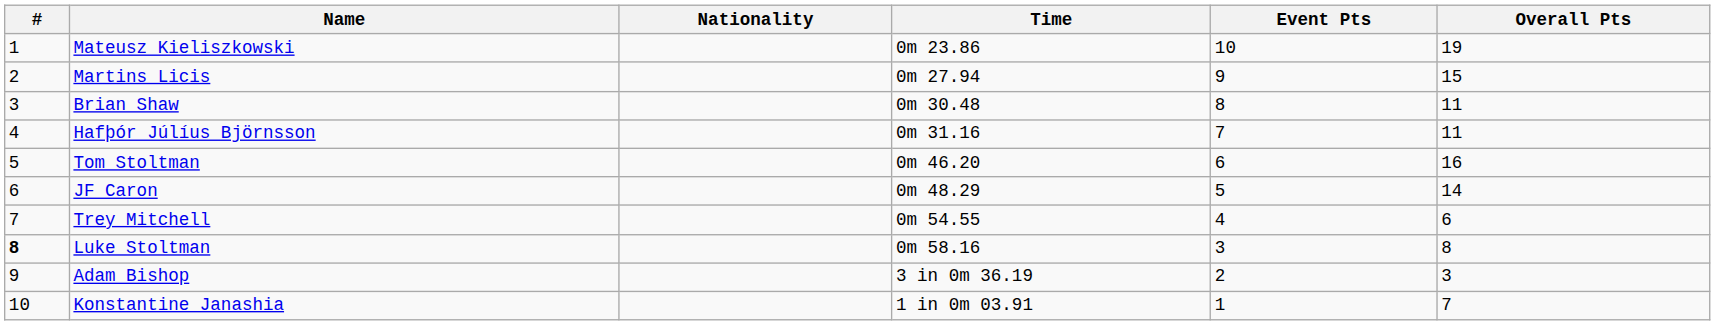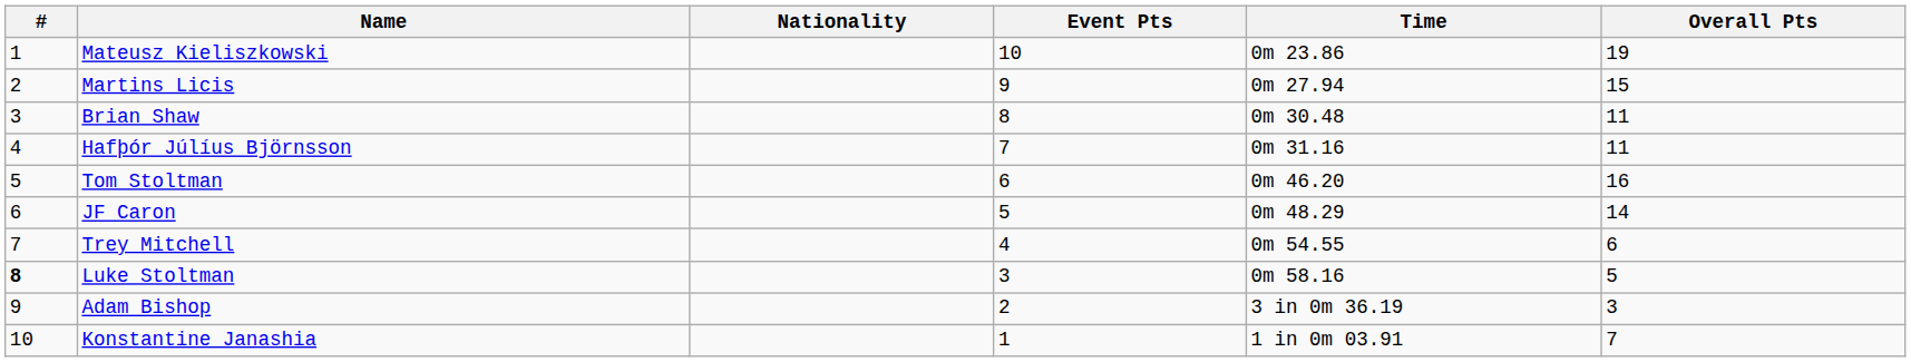 <table class="wikitable sortable" style="display: inline-table;width: 100%;">
 <tr>
 <th>#</th>
 <th>Name</th>
 <th>Nationality</th>
+<th>Event Pts</th>
 <th>Time</th>
-<th>Event Pts</th>
 <th>Overall Pts</th>
 </tr>
 <tr>
 <td>1</td>
 <td><a href='#'>Mateusz Kieliszkowski</a></td>
 <td></td>
+<td>10</td>
 <td>0m 23.86</td>
-<td>10</td>
 <td>19</td>
 </tr>
 <tr>
 <td>2</td>
 <td><a href='#'>Martins Licis</a></td>
 <td></td>
+<td>9</td>
 <td>0m 27.94</td>
-<td>9</td>
 <td>15</td>
 </tr>
 <tr>
 <td>3</td>
 <td><a href='#'>Brian Shaw</a></td>
 <td></td>
+<td>8</td>
 <td>0m 30.48</td>
-<td>8</td>
 <td>11</td>
 </tr>
 <tr>
 <td>4</td>
 <td><a href='#'>Hafþór Júlíus Björnsson</a></td>
 <td></td>
+<td>7</td>
 <td>0m 31.16</td>
-<td>7</td>
 <td>11</td>
 </tr>
 <tr>
 <td>5</td>
 <td><a href='#'>Tom Stoltman</a></td>
 <td></td>
+<td>6</td>
 <td>0m 46.20</td>
-<td>6</td>
 <td>16</td>
 </tr>
 <tr>
 <td>6</td>
 <td><a href='#'>JF Caron</a></td>
 <td></td>
+<td>5</td>
 <td>0m 48.29</td>
-<td>5</td>
 <td>14</td>
 </tr>
 <tr>
 <td>7</td>
 <td><a href='#'>Trey Mitchell</a></td>
 <td></td>
+<td>4</td>
 <td>0m 54.55</td>
-<td>4</td>
 <td>6</td>
 </tr>
 <tr>
 <td><strong>8</strong></td>
 <td><a href='#'>Luke Stoltman</a></td>
 <td></td>
+<td>3</td>
 <td>0m 58.16</td>
-<td>3</td>
-<td>8</td>
+<td>5</td>
 </tr>
 <tr>
 <td>9</td>
 <td><a href='#'>Adam Bishop</a></td>
 <td></td>
+<td>2</td>
 <td>3 in 0m 36.19</td>
-<td>2</td>
 <td>3</td>
 </tr>
 <tr>
 <td>10</td>
 <td><a href='#'>Konstantine Janashia</a></td>
 <td></td>
+<td>1</td>
 <td>1 in 0m 03.91</td>
-<td>1</td>
 <td>7</td>
 </tr>
 </table>
